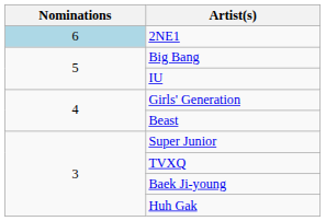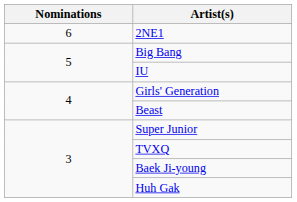 <table class="wikitable"  style="width:30%;">
 <tr>
 <th scope="col">Nominations</th>
 <th scope="col">Artist(s)</th>
 </tr>
 <tr>
-<td align=center style="background: lightblue;">6</td>
+<td align=center>6</td>
 <td><a href='#'>2NE1</a></td>
 </tr>
 <tr>
 <td align=center rowspan=2>5</td>
 <td><a href='#'>Big Bang</a></td>
 </tr>
 <tr>
 <td><a href='#'>IU</a></td>
 </tr>
 <tr>
 <td align=center rowspan=2>4</td>
 <td><a href='#'>Girls' Generation</a></td>
 </tr>
 <tr>
 <td><a href='#'>Beast</a></td>
 </tr>
 <tr>
 <td align=center rowspan=4>3</td>
 <td><a href='#'>Super Junior</a></td>
 </tr>
 <tr>
 <td><a href='#'>TVXQ</a></td>
 </tr>
 <tr>
 <td><a href='#'>Baek Ji-young</a></td>
 </tr>
 <tr>
 <td><a href='#'>Huh Gak</a></td>
 </tr>
 </table>
